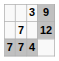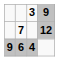 <table class="wikitable" style="text-align:center;">
 <tr>
 <td></td>
 <td></td>
 <td><strong>3</strong></td>
 <td style="background:silver"><strong>9</strong></td>
 </tr>
 <tr>
 <td></td>
 <td><strong>7</strong></td>
 <td></td>
 <td style="background:silver"><strong>12</strong></td>
 </tr>
 <tr>
-<td style="background:silver"><strong>7</strong></td>
-<td style="background:silver"><strong>7</strong></td>
+<td style="background:silver"><strong>9</strong></td>
+<td style="background:silver"><strong>6</strong></td>
 <td style="background:silver"><strong>4</strong></td>
 </tr>
 </table>
